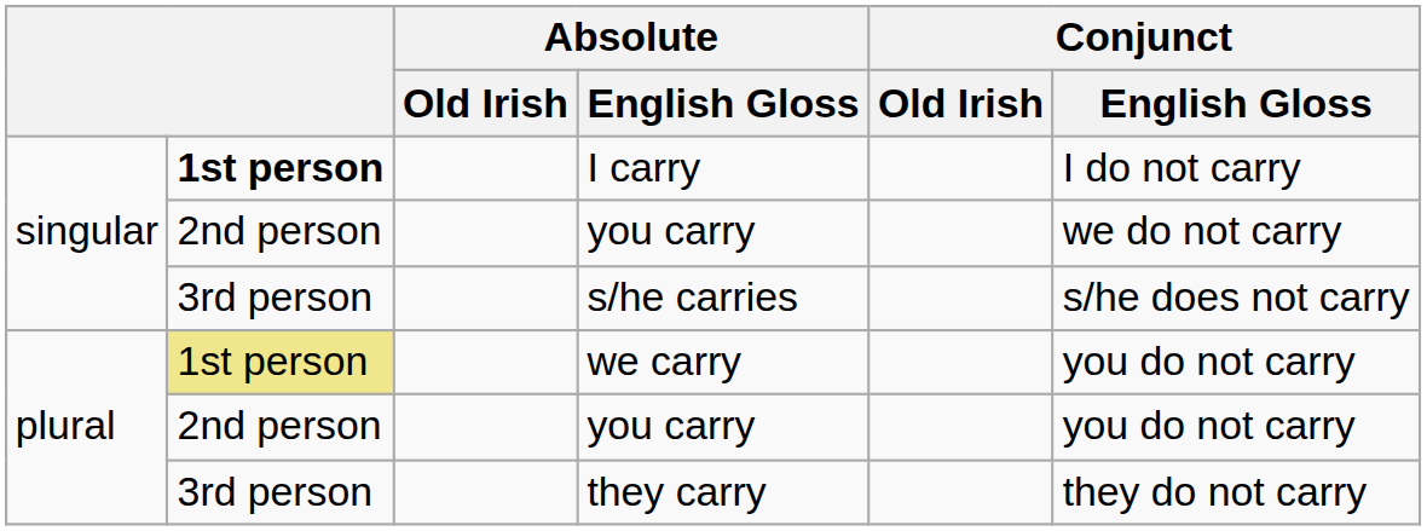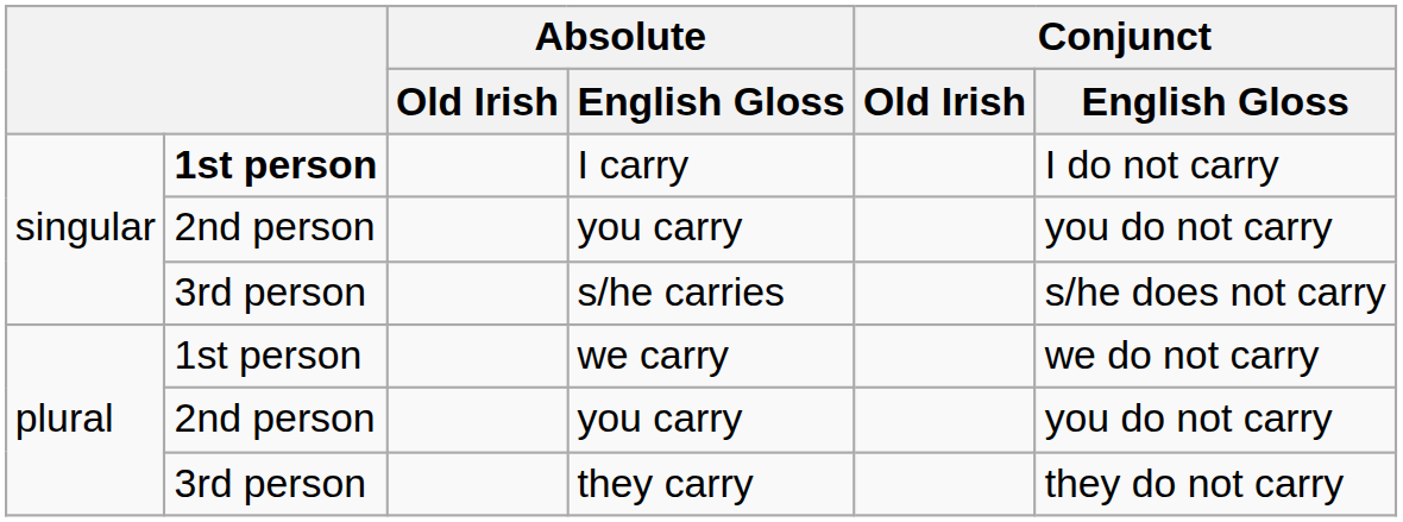 <table class="wikitable">
 <tr>
 <th colspan=2 rowspan=2> </th>
 <th scope="col" colspan=2>Absolute</th>
 <th scope="col" colspan=2>Conjunct</th>
 </tr>
 <tr>
 <th scope="col">Old Irish</th>
 <th scope="col">English Gloss</th>
 <th scope="col">Old Irish</th>
 <th scope="col">English Gloss</th>
 </tr>
 <tr>
 <td rowspan=3 scope="row">singular</td>
 <td><strong>1st person</strong></td>
 <td></td>
 <td>I carry</td>
 <td></td>
 <td>I do not carry</td>
 </tr>
 <tr>
 <td>2nd person</td>
 <td></td>
 <td>you carry</td>
 <td></td>
-<td>we do not carry</td>
+<td>you do not carry</td>
 </tr>
 <tr>
 <td>3rd person</td>
 <td></td>
 <td>s/he carries</td>
 <td></td>
 <td>s/he does not carry</td>
 </tr>
 <tr>
 <td rowspan=3 scope="row">plural</td>
-<td style="background: khaki;">1st person</td>
+<td>1st person</td>
 <td></td>
 <td>we carry</td>
 <td></td>
-<td>you do not carry</td>
+<td>we do not carry</td>
 </tr>
 <tr>
 <td>2nd person</td>
 <td></td>
 <td>you carry</td>
 <td></td>
 <td>you do not carry</td>
 </tr>
 <tr>
 <td>3rd person</td>
 <td></td>
 <td>they carry</td>
 <td></td>
 <td>they do not carry</td>
 </tr>
 </table>
